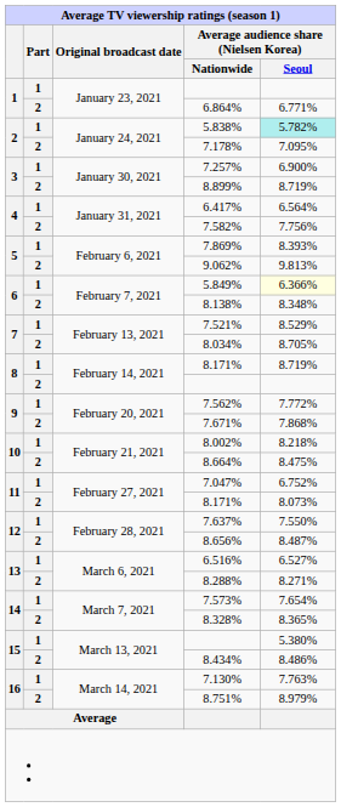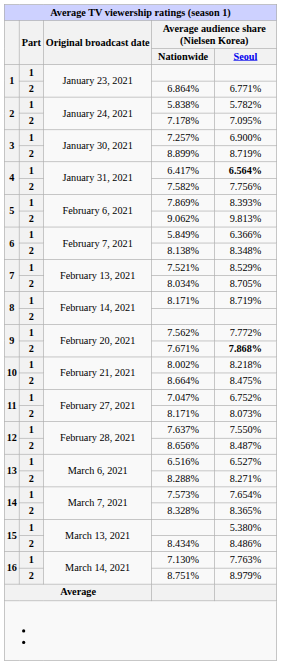 <table class="wikitable mw-collapsible mw-collapsed innercollapse" style="text-align:center;max-width:500px; margin-left: auto; margin-right: auto; border: none;">
 <tr>
 <th colspan="6" style="background:#CDD1FF; text-align:center">Average TV viewership ratings (season 1)</th>
 </tr>
 <tr>
 <th rowspan="2"></th>
 <th rowspan="2">Part</th>
 <th rowspan="2">Original broadcast date</th>
 <th colspan="2">Average audience share<br>(Nielsen Korea)</th>
 </tr>
 <tr>
 <th width="90">Nationwide</th>
 <th width="90"><a href='#'>Seoul</a></th>
 </tr>
 <tr>
 <th rowspan="2">1</th>
 <th>1</th>
 <td rowspan="2">January 23, 2021</td>
 <td> </td>
 <td> </td>
 </tr>
 <tr>
 <th>2</th>
 <td>6.864% </td>
 <td>6.771% </td>
 </tr>
 <tr>
 <th rowspan="2">2</th>
 <th>1</th>
 <td rowspan="2">January 24, 2021</td>
 <td>5.838% </td>
-<td style="background: paleturquoise;">5.782% </td>
+<td>5.782% </td>
 </tr>
 <tr>
 <th>2</th>
 <td>7.178% </td>
 <td>7.095% </td>
 </tr>
 <tr>
 <th rowspan="2">3</th>
 <th>1</th>
 <td rowspan="2">January 30, 2021</td>
 <td>7.257% </td>
 <td>6.900% </td>
 </tr>
 <tr>
 <th>2</th>
 <td>8.899% </td>
 <td>8.719% </td>
 </tr>
 <tr>
 <th rowspan="2">4</th>
 <th>1</th>
 <td rowspan="2">January 31, 2021</td>
 <td>6.417% </td>
-<td>6.564% </td>
+<td><strong>6.564% </strong></td>
 </tr>
 <tr>
 <th>2</th>
 <td>7.582% </td>
 <td>7.756% </td>
 </tr>
 <tr>
 <th rowspan="2">5</th>
 <th>1</th>
 <td rowspan="2">February 6, 2021</td>
 <td>7.869% </td>
 <td>8.393% </td>
 </tr>
 <tr>
 <th>2</th>
 <td>9.062% </td>
 <td>9.813% </td>
 </tr>
 <tr>
 <th rowspan="2">6</th>
 <th>1</th>
 <td rowspan="2">February 7, 2021</td>
 <td>5.849% </td>
-<td style="background: lightyellow;">6.366% </td>
+<td>6.366% </td>
 </tr>
 <tr>
 <th>2</th>
 <td>8.138% </td>
 <td>8.348% </td>
 </tr>
 <tr>
 <th rowspan="2">7</th>
 <th>1</th>
 <td rowspan="2">February 13, 2021</td>
 <td>7.521% </td>
 <td>8.529% </td>
 </tr>
 <tr>
 <th>2</th>
 <td>8.034% </td>
 <td>8.705% </td>
 </tr>
 <tr>
 <th rowspan="2">8</th>
 <th>1</th>
 <td rowspan="2">February 14, 2021</td>
 <td>8.171% </td>
 <td>8.719% </td>
 </tr>
 <tr>
 <th>2</th>
 <td> </td>
 <td> </td>
 </tr>
 <tr>
 <th rowspan="2">9</th>
 <th>1</th>
 <td rowspan="2">February 20, 2021</td>
 <td>7.562% </td>
 <td>7.772% </td>
 </tr>
 <tr>
 <th>2</th>
 <td>7.671% </td>
-<td>7.868% </td>
+<td><strong>7.868% </strong></td>
 </tr>
 <tr>
 <th rowspan="2">10</th>
 <th>1</th>
 <td rowspan="2">February 21, 2021</td>
 <td>8.002% </td>
 <td>8.218% </td>
 </tr>
 <tr>
 <th>2</th>
 <td>8.664% </td>
 <td>8.475% </td>
 </tr>
 <tr>
 <th rowspan="2">11</th>
 <th>1</th>
 <td rowspan="2">February 27, 2021</td>
 <td>7.047% </td>
 <td>6.752% </td>
 </tr>
 <tr>
 <th>2</th>
 <td>8.171% </td>
 <td>8.073% </td>
 </tr>
 <tr>
 <th rowspan="2">12</th>
 <th>1</th>
 <td rowspan="2">February 28, 2021</td>
 <td>7.637% </td>
 <td>7.550% </td>
 </tr>
 <tr>
 <th>2</th>
 <td>8.656% </td>
 <td>8.487% </td>
 </tr>
 <tr>
 <th rowspan="2">13</th>
 <th>1</th>
 <td rowspan="2">March 6, 2021</td>
 <td>6.516% </td>
 <td>6.527% </td>
 </tr>
 <tr>
 <th>2</th>
 <td>8.288% </td>
 <td>8.271% </td>
 </tr>
 <tr>
 <th rowspan="2">14</th>
 <th>1</th>
 <td rowspan="2">March 7, 2021</td>
 <td>7.573% </td>
 <td>7.654% </td>
 </tr>
 <tr>
 <th>2</th>
 <td>8.328% </td>
 <td>8.365% </td>
 </tr>
 <tr>
 <th rowspan="2">15</th>
 <th>1</th>
 <td rowspan="2">March 13, 2021</td>
 <td> </td>
 <td>5.380% </td>
 </tr>
 <tr>
 <th>2</th>
 <td>8.434% </td>
 <td>8.486% </td>
 </tr>
 <tr>
 <th rowspan="2">16</th>
 <th>1</th>
 <td rowspan="2">March 14, 2021</td>
 <td>7.130% </td>
 <td>7.763% </td>
 </tr>
 <tr>
 <th>2</th>
 <td>8.751% </td>
 <td>8.979% </td>
 </tr>
 <tr>
 <th colspan="3">Average</th>
 <th></th>
 <th></th>
 </tr>
 <tr>
 <td colspan="5"><br><ul><li></li><li></li></ul></td>
 </tr>
 </table>
